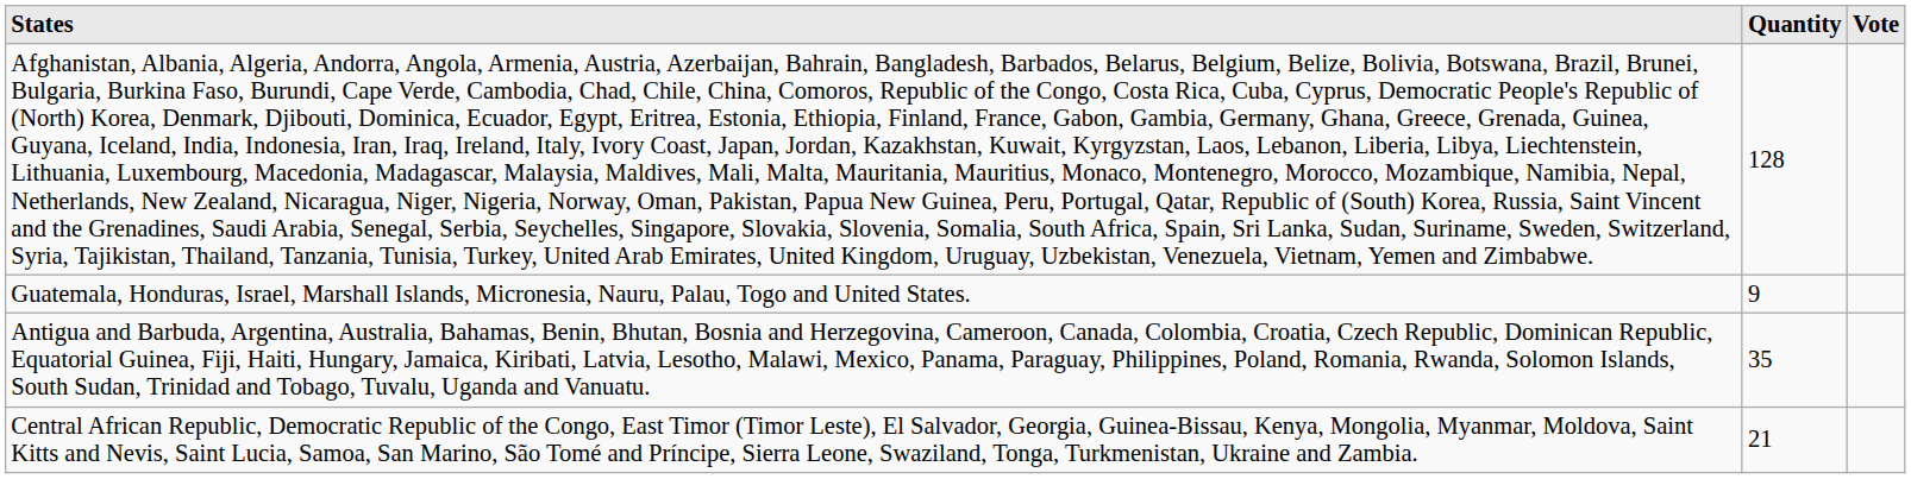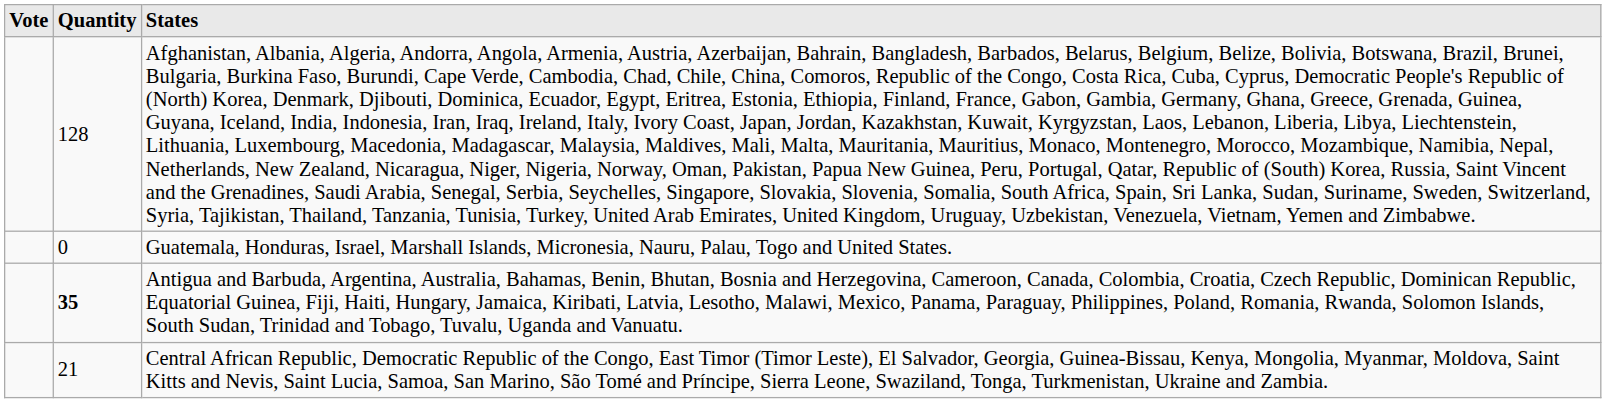 <table class="wikitable">
 <tr>
+<th style="background:#e9e9e9; text-align:center;">Vote</th>
+<th style="background:#e9e9e9; text-align:center;">Quantity</th>
 <th style="text-align:left; background:#e9e9e9; vertical-align:top;">States</th>
-<th style="background:#e9e9e9; text-align:center;">Quantity</th>
-<th style="background:#e9e9e9; text-align:center;">Vote</th>
 </tr>
 <tr>
+<td></td>
+<td>128</td>
 <td>Afghanistan, Albania, Algeria, Andorra, Angola, Armenia, Austria, Azerbaijan, Bahrain, Bangladesh, Barbados, Belarus, Belgium, Belize, Bolivia, Botswana, Brazil, Brunei, Bulgaria, Burkina Faso, Burundi, Cape Verde, Cambodia, Chad, Chile, China, Comoros, Republic of the Congo, Costa Rica, Cuba, Cyprus, Democratic People's Republic of (North) Korea, Denmark, Djibouti, Dominica, Ecuador, Egypt, Eritrea, Estonia, Ethiopia, Finland, France, Gabon, Gambia, Germany, Ghana, Greece, Grenada, Guinea, Guyana, Iceland, India, Indonesia, Iran, Iraq, Ireland, Italy, Ivory Coast, Japan, Jordan, Kazakhstan, Kuwait, Kyrgyzstan, Laos, Lebanon, Liberia, Libya, Liechtenstein, Lithuania, Luxembourg, Macedonia, Madagascar, Malaysia, Maldives, Mali, Malta, Mauritania, Mauritius, Monaco, Montenegro, Morocco, Mozambique, Namibia, Nepal, Netherlands, New Zealand, Nicaragua, Niger, Nigeria, Norway, Oman, Pakistan, Papua New Guinea, Peru, Portugal, Qatar, Republic of (South) Korea, Russia, Saint Vincent and the Grenadines, Saudi Arabia, Senegal, Serbia, Seychelles, Singapore, Slovakia, Slovenia, Somalia, South Africa, Spain, Sri Lanka, Sudan, Suriname, Sweden, Switzerland, Syria, Tajikistan, Thailand, Tanzania, Tunisia, Turkey, United Arab Emirates, United Kingdom, Uruguay, Uzbekistan, Venezuela, Vietnam, Yemen and Zimbabwe.</td>
-<td>128</td>
-<td></td>
 </tr>
 <tr>
+<td></td>
+<td>0</td>
 <td>Guatemala, Honduras, Israel, Marshall Islands, Micronesia, Nauru, Palau, Togo and United States.</td>
-<td>9</td>
-<td></td>
 </tr>
 <tr>
+<td></td>
+<td><strong>35</strong></td>
 <td>Antigua and Barbuda, Argentina, Australia, Bahamas, Benin, Bhutan, Bosnia and Herzegovina, Cameroon, Canada, Colombia, Croatia, Czech Republic, Dominican Republic, Equatorial Guinea, Fiji, Haiti, Hungary, Jamaica, Kiribati, Latvia, Lesotho, Malawi, Mexico, Panama, Paraguay, Philippines, Poland, Romania, Rwanda, Solomon Islands, South Sudan, Trinidad and Tobago, Tuvalu, Uganda and Vanuatu.</td>
-<td>35</td>
-<td></td>
 </tr>
 <tr>
+<td></td>
+<td>21</td>
 <td>Central African Republic, Democratic Republic of the Congo, East Timor (Timor Leste), El Salvador, Georgia, Guinea-Bissau, Kenya, Mongolia, Myanmar, Moldova, Saint Kitts and Nevis, Saint Lucia, Samoa, San Marino, São Tomé and Príncipe, Sierra Leone, Swaziland, Tonga, Turkmenistan, Ukraine and Zambia.</td>
-<td>21</td>
-<td></td>
 </tr>
 </table>
